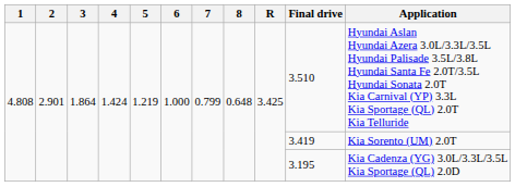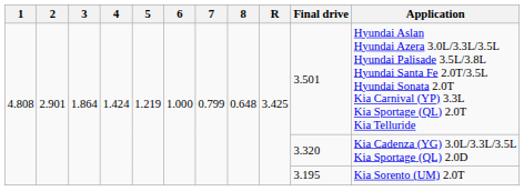 <table class=wikitable>
 <tr>
 <th>1</th>
 <th>2</th>
 <th>3</th>
 <th>4</th>
 <th>5</th>
 <th>6</th>
 <th>7</th>
 <th>8</th>
 <th>R</th>
 <th>Final drive</th>
 <th>Application</th>
 </tr>
 <tr>
 <td rowspan=3>4.808</td>
 <td rowspan=3>2.901</td>
 <td rowspan=3>1.864</td>
 <td rowspan=3>1.424</td>
 <td rowspan=3>1.219</td>
 <td rowspan=3>1.000</td>
 <td rowspan=3>0.799</td>
 <td rowspan=3>0.648</td>
 <td rowspan=3>3.425</td>
-<td>3.510</td>
+<td>3.501</td>
 <td><a href='#'>Hyundai Aslan</a><br><a href='#'>Hyundai Azera</a> 3.0L/3.3L/3.5L<br><a href='#'>Hyundai Palisade</a> 3.5L/3.8L<br><a href='#'>Hyundai Santa Fe</a> 2.0T/3.5L<br><a href='#'>Hyundai Sonata</a> 2.0T<br><a href='#'>Kia Carnival (YP)</a> 3.3L<br><a href='#'>Kia Sportage (QL)</a> 2.0T<br><a href='#'>Kia Telluride</a></td>
 </tr>
 <tr>
-<td>3.419</td>
-<td><a href='#'>Kia Sorento (UM)</a> 2.0T</td>
+<td>3.320</td>
+<td><a href='#'>Kia Cadenza (YG)</a> 3.0L/3.3L/3.5L<br><a href='#'>Kia Sportage (QL)</a> 2.0D</td>
 </tr>
 <tr>
 <td>3.195</td>
-<td><a href='#'>Kia Cadenza (YG)</a> 3.0L/3.3L/3.5L<br><a href='#'>Kia Sportage (QL)</a> 2.0D</td>
+<td><a href='#'>Kia Sorento (UM)</a> 2.0T</td>
 </tr>
 </table>
